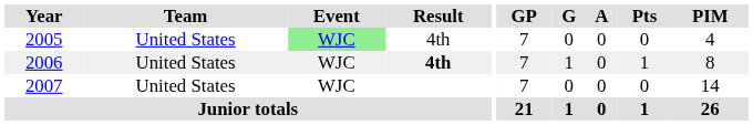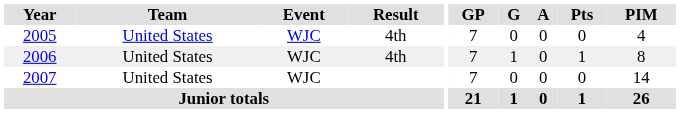 <table border="0" cellpadding="1" cellspacing="0" ID="Table3" style="text-align:center; width:40em">
 <tr ALIGN="center" bgcolor="#e0e0e0">
 <th>Year</th>
 <th>Team</th>
 <th>Event</th>
 <th>Result</th>
 <th rowspan="99" bgcolor="#ffffff"></th>
 <th>GP</th>
 <th>G</th>
 <th>A</th>
 <th>Pts</th>
 <th>PIM</th>
 </tr>
 <tr>
 <td><a href='#'>2005</a></td>
 <td><a href='#'>United States</a></td>
-<td style="background: lightgreen;"><a href='#'>WJC</a></td>
+<td><a href='#'>WJC</a></td>
 <td>4th</td>
 <td>7</td>
 <td>0</td>
 <td>0</td>
 <td>0</td>
 <td>4</td>
 </tr>
 <tr bgcolor="#f0f0f0">
 <td><a href='#'>2006</a></td>
 <td>United States</td>
 <td>WJC</td>
-<td><strong>4th</strong></td>
+<td>4th</td>
 <td>7</td>
 <td>1</td>
 <td>0</td>
 <td>1</td>
 <td>8</td>
 </tr>
 <tr>
 <td><a href='#'>2007</a></td>
 <td>United States</td>
 <td>WJC</td>
 <td></td>
 <td>7</td>
 <td>0</td>
 <td>0</td>
 <td>0</td>
 <td>14</td>
 </tr>
 <tr bgcolor="#e0e0e0">
 <th colspan="4">Junior totals</th>
 <th>21</th>
 <th>1</th>
 <th>0</th>
 <th>1</th>
 <th>26</th>
 </tr>
 </table>
